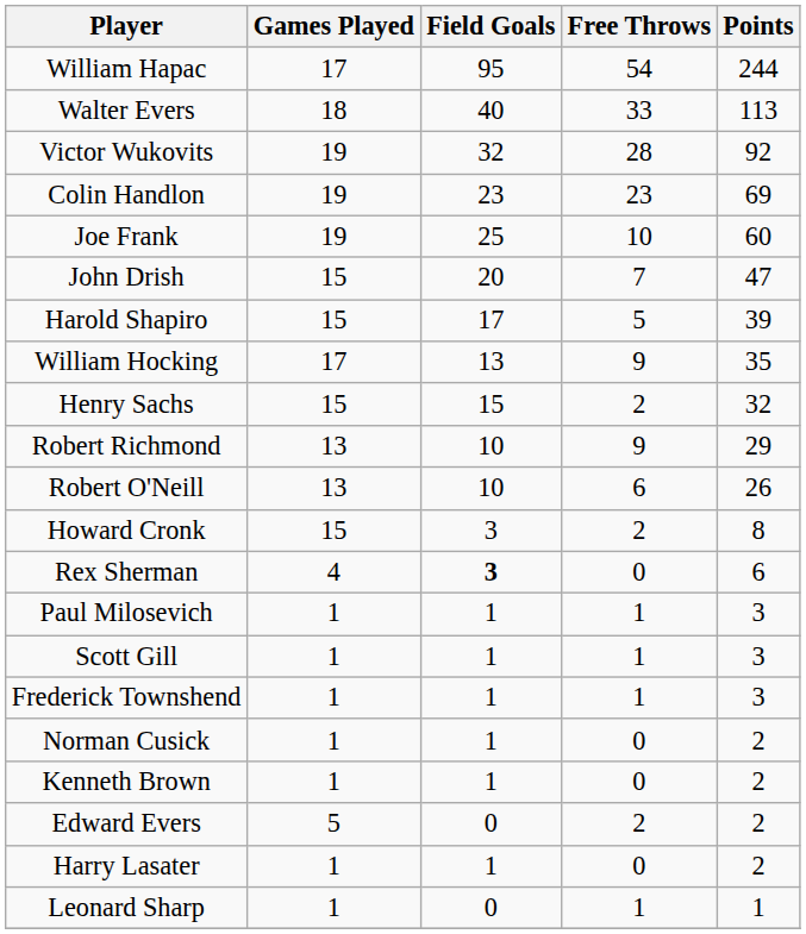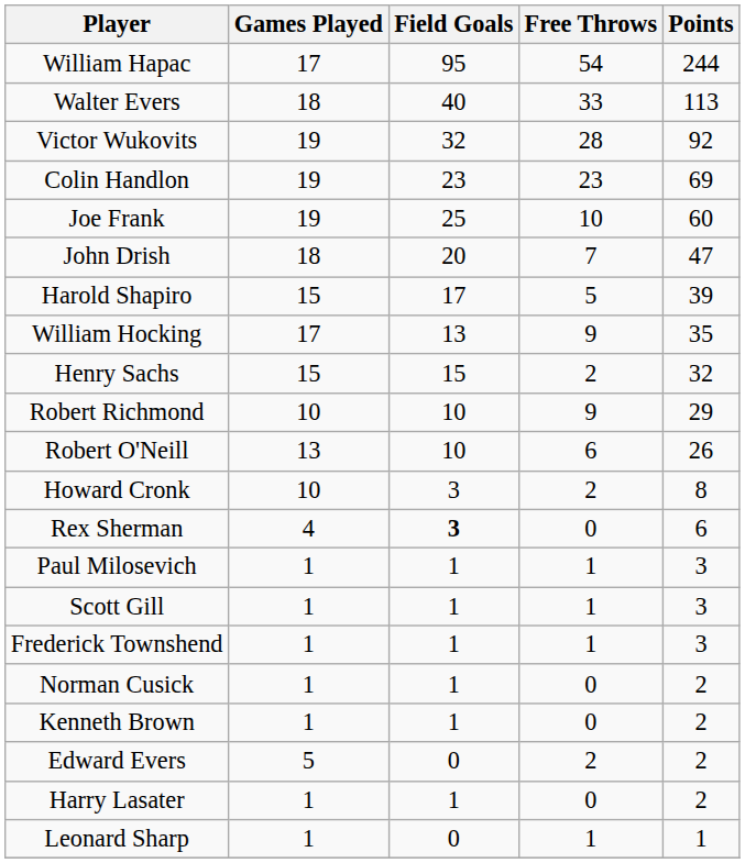 <table class="wikitable sortable">
 <tr>
 <th>Player</th>
 <th>Games Played</th>
 <th>Field Goals</th>
 <th>Free Throws</th>
 <th>Points</th>
 </tr>
 <tr align="center" bgcolor="">
 <td>William Hapac</td>
 <td>17</td>
 <td>95</td>
 <td>54</td>
 <td>244</td>
 </tr>
 <tr align="center" bgcolor="">
 <td>Walter Evers</td>
 <td>18</td>
 <td>40</td>
 <td>33</td>
 <td>113</td>
 </tr>
 <tr align="center" bgcolor="">
 <td>Victor Wukovits</td>
 <td>19</td>
 <td>32</td>
 <td>28</td>
 <td>92</td>
 </tr>
 <tr align="center" bgcolor="">
 <td>Colin Handlon</td>
 <td>19</td>
 <td>23</td>
 <td>23</td>
 <td>69</td>
 </tr>
 <tr align="center" bgcolor="">
 <td>Joe Frank</td>
 <td>19</td>
 <td>25</td>
 <td>10</td>
 <td>60</td>
 </tr>
 <tr align="center" bgcolor="">
 <td>John Drish</td>
-<td>15</td>
+<td>18</td>
 <td>20</td>
 <td>7</td>
 <td>47</td>
 </tr>
 <tr align="center" bgcolor="">
 <td>Harold Shapiro</td>
 <td>15</td>
 <td>17</td>
 <td>5</td>
 <td>39</td>
 </tr>
 <tr align="center" bgcolor="">
 <td>William Hocking</td>
 <td>17</td>
 <td>13</td>
 <td>9</td>
 <td>35</td>
 </tr>
 <tr align="center" bgcolor="">
 <td>Henry Sachs</td>
 <td>15</td>
 <td>15</td>
 <td>2</td>
 <td>32</td>
 </tr>
 <tr align="center" bgcolor="">
 <td>Robert Richmond</td>
-<td>13</td>
+<td>10</td>
 <td>10</td>
 <td>9</td>
 <td>29</td>
 </tr>
 <tr align="center" bgcolor="">
 <td>Robert O'Neill</td>
 <td>13</td>
 <td>10</td>
 <td>6</td>
 <td>26</td>
 </tr>
 <tr align="center" bgcolor="">
 <td>Howard Cronk</td>
-<td>15</td>
+<td>10</td>
 <td>3</td>
 <td>2</td>
 <td>8</td>
 </tr>
 <tr align="center" bgcolor="">
 <td>Rex Sherman</td>
 <td>4</td>
 <td><strong>3</strong></td>
 <td>0</td>
 <td>6</td>
 </tr>
 <tr align="center" bgcolor="">
 <td>Paul Milosevich</td>
 <td>1</td>
 <td>1</td>
 <td>1</td>
 <td>3</td>
 </tr>
 <tr align="center" bgcolor="">
 <td>Scott Gill</td>
 <td>1</td>
 <td>1</td>
 <td>1</td>
 <td>3</td>
 </tr>
 <tr align="center" bgcolor="">
 <td>Frederick Townshend</td>
 <td>1</td>
 <td>1</td>
 <td>1</td>
 <td>3</td>
 </tr>
 <tr align="center" bgcolor="">
 <td>Norman Cusick</td>
 <td>1</td>
 <td>1</td>
 <td>0</td>
 <td>2</td>
 </tr>
 <tr align="center" bgcolor="">
 <td>Kenneth Brown</td>
 <td>1</td>
 <td>1</td>
 <td>0</td>
 <td>2</td>
 </tr>
 <tr align="center" bgcolor="">
 <td>Edward Evers</td>
 <td>5</td>
 <td>0</td>
 <td>2</td>
 <td>2</td>
 </tr>
 <tr align="center" bgcolor="">
 <td>Harry Lasater</td>
 <td>1</td>
 <td>1</td>
 <td>0</td>
 <td>2</td>
 </tr>
 <tr align="center" bgcolor="">
 <td>Leonard Sharp</td>
 <td>1</td>
 <td>0</td>
 <td>1</td>
 <td>1</td>
 </tr>
 <tr align="center" bgcolor="">
 </tr>
 </table>
